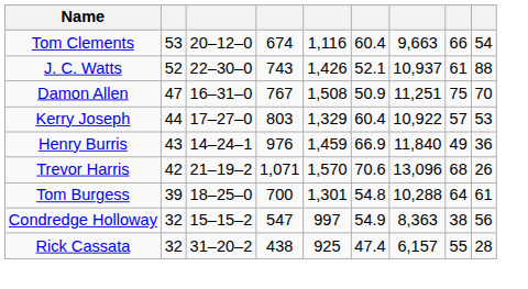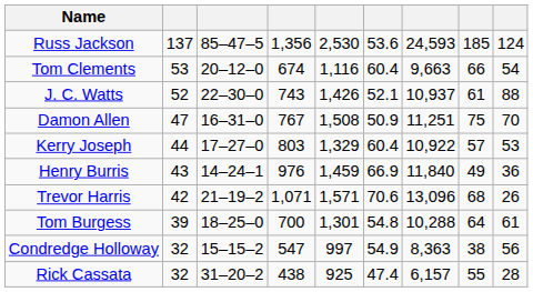 <table class="wikitable sortable" style="text-align:center">
 <tr>
 <th>Name</th>
 <th></th>
 <th></th>
 <th></th>
 <th></th>
 <th></th>
 <th></th>
 <th></th>
 <th></th>
+</tr>
+<tr>
+<td><a href='#'>Russ Jackson</a></td>
+<td>137</td>
+<td>85–47–5</td>
+<td>1,356</td>
+<td>2,530</td>
+<td>53.6</td>
+<td>24,593</td>
+<td>185</td>
+<td>124</td>
 </tr>
 <tr>
 <td><a href='#'>Tom Clements</a></td>
 <td>53</td>
 <td>20–12–0</td>
 <td>674</td>
 <td>1,116</td>
 <td>60.4</td>
 <td>9,663</td>
 <td>66</td>
 <td>54</td>
 </tr>
 <tr>
 <td><a href='#'>J. C. Watts</a></td>
 <td>52</td>
 <td>22–30–0</td>
 <td>743</td>
 <td>1,426</td>
 <td>52.1</td>
 <td>10,937</td>
 <td>61</td>
 <td>88</td>
 </tr>
 <tr>
 <td><a href='#'>Damon Allen</a></td>
 <td>47</td>
 <td>16–31–0</td>
 <td>767</td>
 <td>1,508</td>
 <td>50.9</td>
 <td>11,251</td>
 <td>75</td>
 <td>70</td>
 </tr>
 <tr>
 <td><a href='#'>Kerry Joseph</a></td>
 <td>44</td>
 <td>17–27–0</td>
 <td>803</td>
 <td>1,329</td>
 <td>60.4</td>
 <td>10,922</td>
 <td>57</td>
 <td>53</td>
 </tr>
 <tr>
 <td><a href='#'>Henry Burris</a></td>
 <td>43</td>
 <td>14–24–1</td>
 <td>976</td>
 <td>1,459</td>
 <td>66.9</td>
 <td>11,840</td>
 <td>49</td>
 <td>36</td>
 </tr>
 <tr>
 <td><a href='#'>Trevor Harris</a></td>
 <td>42</td>
 <td>21–19–2</td>
 <td>1,071</td>
-<td>1,570</td>
+<td>1,571</td>
 <td>70.6</td>
 <td>13,096</td>
 <td>68</td>
 <td>26</td>
 </tr>
 <tr>
 <td><a href='#'>Tom Burgess</a></td>
 <td>39</td>
 <td>18–25–0</td>
 <td>700</td>
 <td>1,301</td>
 <td>54.8</td>
 <td>10,288</td>
 <td>64</td>
 <td>61</td>
 </tr>
 <tr>
 <td><a href='#'>Condredge Holloway</a></td>
 <td>32</td>
 <td>15–15–2</td>
 <td>547</td>
 <td>997</td>
 <td>54.9</td>
 <td>8,363</td>
 <td>38</td>
 <td>56</td>
 </tr>
 <tr>
 <td><a href='#'>Rick Cassata</a></td>
 <td>32</td>
 <td>31–20–2</td>
 <td>438</td>
 <td>925</td>
 <td>47.4</td>
 <td>6,157</td>
 <td>55</td>
 <td>28</td>
 </tr>
 </table>
